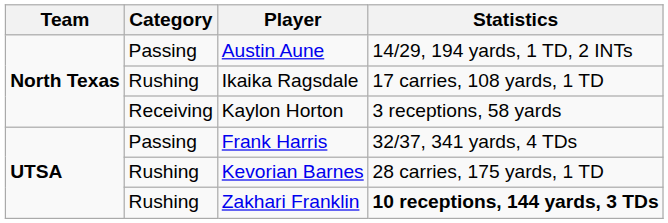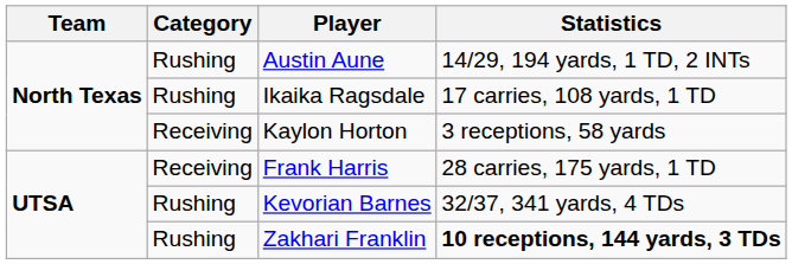 <table class="wikitable" style="float: right;">
 <tr>
 <th>Team</th>
 <th>Category</th>
 <th>Player</th>
 <th>Statistics</th>
 </tr>
 <tr>
 <td rowspan=3><strong>North Texas</strong></td>
-<td>Passing</td>
+<td>Rushing</td>
 <td><a href='#'>Austin Aune</a></td>
 <td>14/29, 194 yards, 1 TD, 2 INTs</td>
 </tr>
 <tr>
 <td>Rushing</td>
 <td>Ikaika Ragsdale</td>
 <td>17 carries, 108 yards, 1 TD</td>
 </tr>
 <tr>
 <td>Receiving</td>
 <td>Kaylon Horton</td>
 <td>3 receptions, 58 yards</td>
 </tr>
 <tr>
 <td rowspan=3><strong>UTSA</strong></td>
-<td>Passing</td>
+<td>Receiving</td>
 <td><a href='#'>Frank Harris</a></td>
-<td>32/37, 341 yards, 4 TDs</td>
+<td>28 carries, 175 yards, 1 TD</td>
 </tr>
 <tr>
 <td>Rushing</td>
 <td><a href='#'>Kevorian Barnes</a></td>
-<td>28 carries, 175 yards, 1 TD</td>
+<td>32/37, 341 yards, 4 TDs</td>
 </tr>
 <tr>
 <td>Rushing</td>
 <td><a href='#'>Zakhari Franklin</a></td>
 <td><strong>10 receptions, 144 yards, 3 TDs</strong></td>
 </tr>
 </table>
